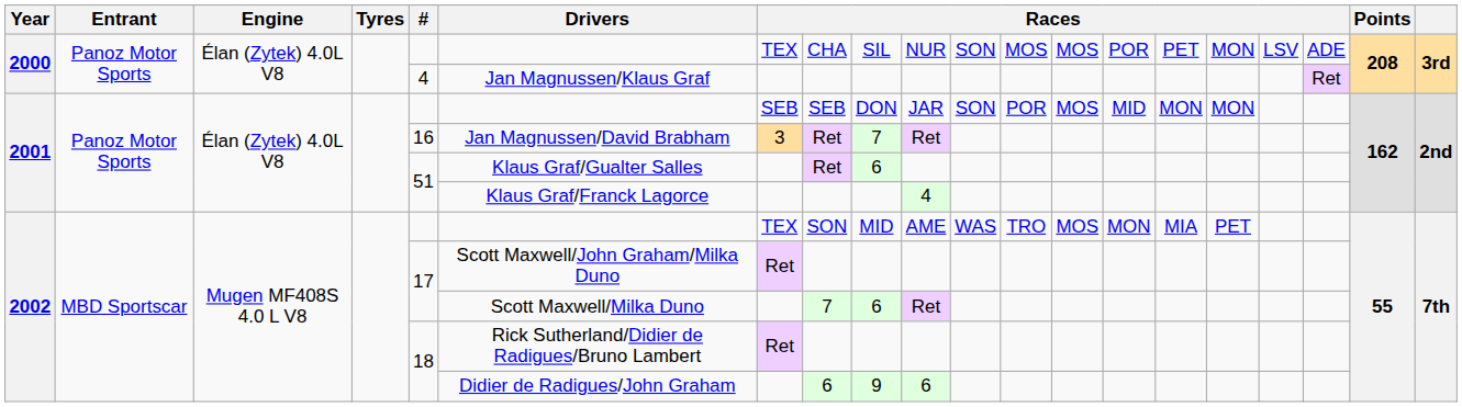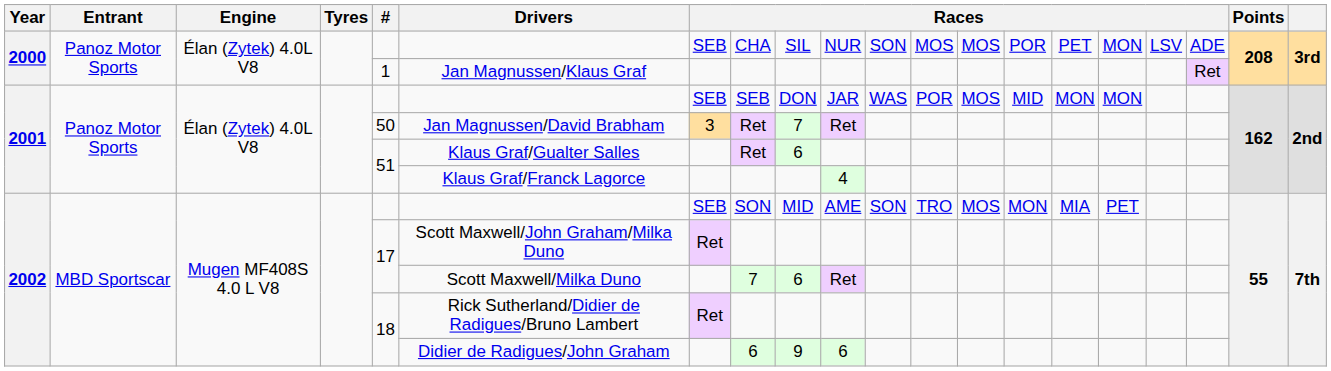 <table class="wikitable">
 <tr>
 <th>Year</th>
 <th>Entrant</th>
 <th>Engine</th>
 <th>Tyres</th>
 <th>#</th>
 <th>Drivers</th>
 <th colspan="12">Races</th>
 <th>Points</th>
 <th></th>
 </tr>
 <tr align="center">
 <th rowspan="2"><a href='#'>2000</a></th>
 <td rowspan="2"><a href='#'>Panoz Motor Sports</a></td>
 <td rowspan="2">Élan (<a href='#'>Zytek</a>) 4.0L V8</td>
 <td rowspan="2"></td>
 <td></td>
 <td></td>
-<td><a href='#'>TEX</a></td>
+<td><a href='#'>SEB</a></td>
 <td><a href='#'>CHA</a></td>
 <td><a href='#'>SIL</a></td>
 <td><a href='#'>NUR</a></td>
 <td><a href='#'>SON</a></td>
 <td><a href='#'>MOS</a></td>
 <td><a href='#'>MOS</a></td>
 <td><a href='#'>POR</a></td>
 <td><a href='#'>PET</a></td>
 <td><a href='#'>MON</a></td>
 <td><a href='#'>LSV</a></td>
 <td><a href='#'>ADE</a></td>
 <td style="background:#FFDF9F;" rowspan="2"><strong>208</strong></td>
 <td style="background:#FFDF9F;" rowspan="2"><strong>3rd</strong></td>
 </tr>
 <tr align="center">
-<td>4</td>
+<td>1</td>
 <td><a href='#'>Jan Magnussen</a>/<a href='#'>Klaus Graf</a></td>
 <td></td>
 <td></td>
 <td></td>
 <td></td>
 <td></td>
 <td></td>
 <td></td>
 <td></td>
 <td></td>
 <td></td>
 <td></td>
 <td style="background:#EFCFFF;">Ret</td>
 </tr>
 <tr align="center">
 <th rowspan="4"><a href='#'>2001</a></th>
 <td rowspan="4"><a href='#'>Panoz Motor Sports</a></td>
 <td rowspan="4">Élan (<a href='#'>Zytek</a>) 4.0L V8</td>
 <td rowspan="4"></td>
 <td></td>
 <td></td>
 <td><a href='#'>SEB</a></td>
 <td><a href='#'>SEB</a></td>
 <td><a href='#'>DON</a></td>
 <td><a href='#'>JAR</a></td>
-<td><a href='#'>SON</a></td>
+<td><a href='#'>WAS</a></td>
 <td><a href='#'>POR</a></td>
 <td><a href='#'>MOS</a></td>
 <td><a href='#'>MID</a></td>
 <td><a href='#'>MON</a></td>
 <td><a href='#'>MON</a></td>
 <td></td>
 <td></td>
 <td style="background:#DFDFDF;" rowspan="4"><strong>162</strong></td>
 <td style="background:#DFDFDF;" rowspan="4"><strong>2nd</strong></td>
 </tr>
 <tr align="center">
-<td>16</td>
+<td>50</td>
 <td><a href='#'>Jan Magnussen</a>/<a href='#'>David Brabham</a></td>
 <td style="background:#FFDF9F;">3</td>
 <td style="background:#EFCFFF;">Ret</td>
 <td style="background:#DFFFDF;">7</td>
 <td style="background:#EFCFFF;">Ret</td>
 <td></td>
 <td></td>
 <td></td>
 <td></td>
 <td></td>
 <td></td>
 <td></td>
 <td></td>
 </tr>
 <tr align="center">
 <td rowspan="2">51</td>
 <td><a href='#'>Klaus Graf</a>/<a href='#'>Gualter Salles</a></td>
 <td></td>
 <td style="background:#EFCFFF;">Ret</td>
 <td style="background:#DFFFDF;">6</td>
 <td></td>
 <td></td>
 <td></td>
 <td></td>
 <td></td>
 <td></td>
 <td></td>
 <td></td>
 <td></td>
 </tr>
 <tr align="center">
 <td><a href='#'>Klaus Graf</a>/<a href='#'>Franck Lagorce</a></td>
 <td></td>
 <td></td>
 <td></td>
 <td style="background:#DFFFDF;">4</td>
 <td></td>
 <td></td>
 <td></td>
 <td></td>
 <td></td>
 <td></td>
 <td></td>
 <td></td>
 </tr>
 <tr align="center">
 <th rowspan="5"><a href='#'>2002</a></th>
 <td rowspan="5"><a href='#'> MBD Sportscar</a></td>
 <td rowspan="5"><a href='#'>Mugen</a> MF408S 4.0 L V8</td>
 <td rowspan="5"></td>
 <td></td>
 <td></td>
-<td><a href='#'>TEX</a></td>
+<td><a href='#'>SEB</a></td>
 <td><a href='#'>SON</a></td>
 <td><a href='#'>MID</a></td>
 <td><a href='#'>AME</a></td>
-<td><a href='#'>WAS</a></td>
+<td><a href='#'>SON</a></td>
 <td><a href='#'>TRO</a></td>
 <td><a href='#'>MOS</a></td>
 <td><a href='#'>MON</a></td>
 <td><a href='#'>MIA</a></td>
 <td><a href='#'>PET</a></td>
 <td></td>
 <td></td>
 <th rowspan="5">55</th>
 <th rowspan="5">7th</th>
 </tr>
 <tr align="center">
 <td rowspan="2">17</td>
 <td>Scott Maxwell/<a href='#'>John Graham</a>/<a href='#'>Milka Duno</a></td>
 <td style="background:#EFCFFF;">Ret</td>
 <td></td>
 <td></td>
 <td></td>
 <td></td>
 <td></td>
 <td></td>
 <td></td>
 <td></td>
 <td></td>
 <td></td>
 <td></td>
 </tr>
 <tr align="center">
 <td>Scott Maxwell/<a href='#'>Milka Duno</a></td>
 <td></td>
 <td style="background:#DFFFDF;">7</td>
 <td style="background:#DFFFDF;">6</td>
 <td style="background:#EFCFFF;">Ret</td>
 <td></td>
 <td></td>
 <td></td>
 <td></td>
 <td></td>
 <td></td>
 <td></td>
 <td></td>
 </tr>
 <tr align="center">
 <td rowspan="2">18</td>
 <td>Rick Sutherland/<a href='#'>Didier de Radigues</a>/Bruno Lambert</td>
 <td style="background:#EFCFFF;">Ret</td>
 <td></td>
 <td></td>
 <td></td>
 <td></td>
 <td></td>
 <td></td>
 <td></td>
 <td></td>
 <td></td>
 <td></td>
 <td></td>
 </tr>
 <tr align="center">
 <td><a href='#'>Didier de Radigues</a>/<a href='#'>John Graham</a></td>
 <td></td>
 <td style="background:#DFFFDF;">6</td>
 <td style="background:#DFFFDF;">9</td>
 <td style="background:#DFFFDF;">6</td>
 <td></td>
 <td></td>
 <td></td>
 <td></td>
 <td></td>
 <td></td>
 <td></td>
 <td></td>
 </tr>
 </table>
